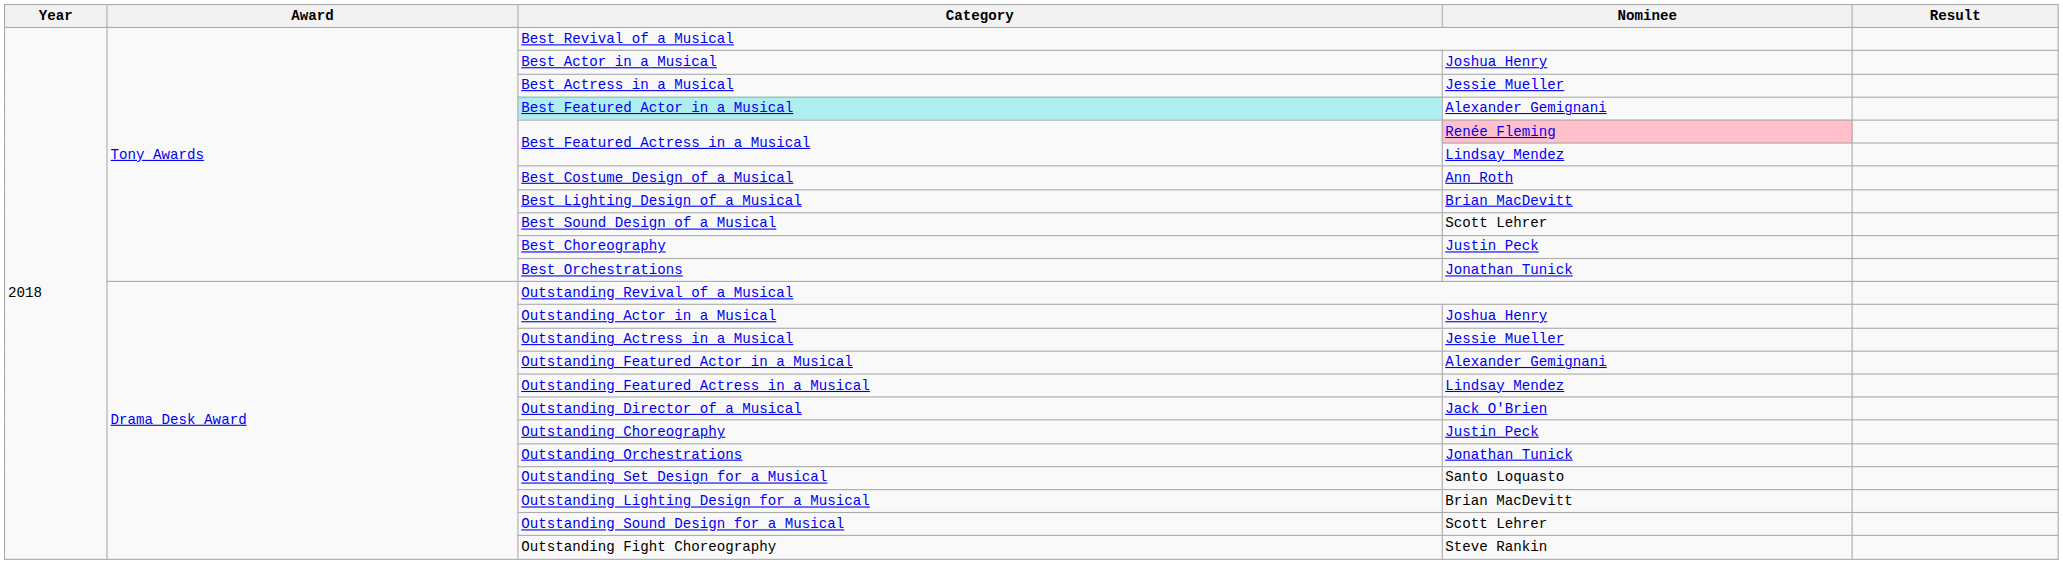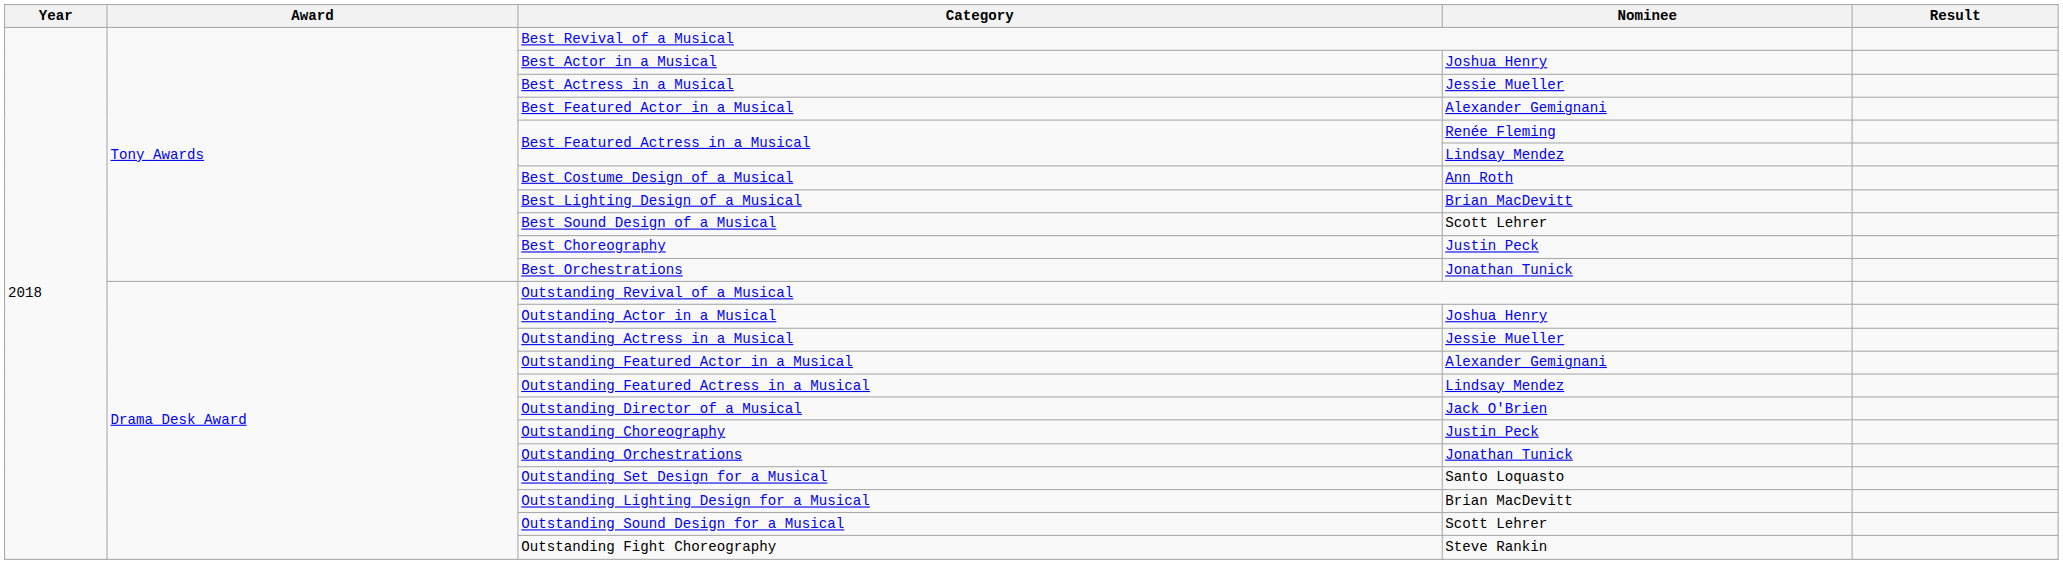 <table class="wikitable" style="width:95%;">
 <tr>
 <th style="width:5%;">Year</th>
 <th style="width:20%;">Award</th>
 <th style="width:45%;">Category</th>
 <th style="width:20%;">Nominee</th>
 <th style="width:10%;">Result</th>
 </tr>
 <tr>
 <td rowspan="23">2018</td>
 <td rowspan="11"><a href='#'>Tony Awards</a></td>
 <td colspan="2"><a href='#'>Best Revival of a Musical</a></td>
 <td></td>
 </tr>
 <tr>
 <td><a href='#'>Best Actor in a Musical</a></td>
 <td><a href='#'>Joshua Henry</a></td>
 <td></td>
 </tr>
 <tr>
 <td><a href='#'>Best Actress in a Musical</a></td>
 <td><a href='#'>Jessie Mueller</a></td>
 <td></td>
 </tr>
 <tr>
-<td style="background: paleturquoise;"><a href='#'>Best Featured Actor in a Musical</a></td>
+<td><a href='#'>Best Featured Actor in a Musical</a></td>
 <td><a href='#'>Alexander Gemignani</a></td>
 <td></td>
 </tr>
 <tr>
 <td rowspan="2"><a href='#'>Best Featured Actress in a Musical</a></td>
-<td style="background: pink;"><a href='#'>Renée Fleming</a></td>
+<td><a href='#'>Renée Fleming</a></td>
 <td></td>
 </tr>
 <tr>
 <td><a href='#'>Lindsay Mendez</a></td>
 <td></td>
 </tr>
 <tr>
 <td><a href='#'>Best Costume Design of a Musical</a></td>
 <td><a href='#'>Ann Roth</a></td>
 <td></td>
 </tr>
 <tr>
 <td><a href='#'>Best Lighting Design of a Musical</a></td>
 <td><a href='#'>Brian MacDevitt</a></td>
 <td></td>
 </tr>
 <tr>
 <td><a href='#'>Best Sound Design of a Musical</a></td>
 <td>Scott Lehrer</td>
 <td></td>
 </tr>
 <tr>
 <td><a href='#'>Best Choreography</a></td>
 <td><a href='#'>Justin Peck</a></td>
 <td></td>
 </tr>
 <tr>
 <td><a href='#'>Best Orchestrations</a></td>
 <td><a href='#'>Jonathan Tunick</a></td>
 <td></td>
 </tr>
 <tr>
 <td rowspan="12"><a href='#'>Drama Desk Award</a></td>
 <td colspan="2"><a href='#'>Outstanding Revival of a Musical</a></td>
 <td></td>
 </tr>
 <tr>
 <td><a href='#'>Outstanding Actor in a Musical</a></td>
 <td><a href='#'>Joshua Henry</a></td>
 <td></td>
 </tr>
 <tr>
 <td><a href='#'>Outstanding Actress in a Musical</a></td>
 <td><a href='#'>Jessie Mueller</a></td>
 <td></td>
 </tr>
 <tr>
 <td><a href='#'>Outstanding Featured Actor in a Musical</a></td>
 <td><a href='#'>Alexander Gemignani</a></td>
 <td></td>
 </tr>
 <tr>
 <td><a href='#'>Outstanding Featured Actress in a Musical</a></td>
 <td><a href='#'>Lindsay Mendez</a></td>
 <td></td>
 </tr>
 <tr>
 <td><a href='#'>Outstanding Director of a Musical</a></td>
 <td><a href='#'>Jack O'Brien</a></td>
 <td></td>
 </tr>
 <tr>
 <td><a href='#'>Outstanding Choreography</a></td>
 <td><a href='#'>Justin Peck</a></td>
 <td></td>
 </tr>
 <tr>
 <td><a href='#'>Outstanding Orchestrations</a></td>
 <td><a href='#'>Jonathan Tunick</a></td>
 <td></td>
 </tr>
 <tr>
 <td><a href='#'>Outstanding Set Design for a Musical</a></td>
 <td>Santo Loquasto</td>
 <td></td>
 </tr>
 <tr>
 <td><a href='#'>Outstanding Lighting Design for a Musical</a></td>
 <td>Brian MacDevitt</td>
 <td></td>
 </tr>
 <tr>
 <td><a href='#'>Outstanding Sound Design for a Musical</a></td>
 <td>Scott Lehrer</td>
 <td></td>
 </tr>
 <tr>
 <td>Outstanding Fight Choreography</td>
 <td>Steve Rankin</td>
 <td></td>
 </tr>
 </table>
